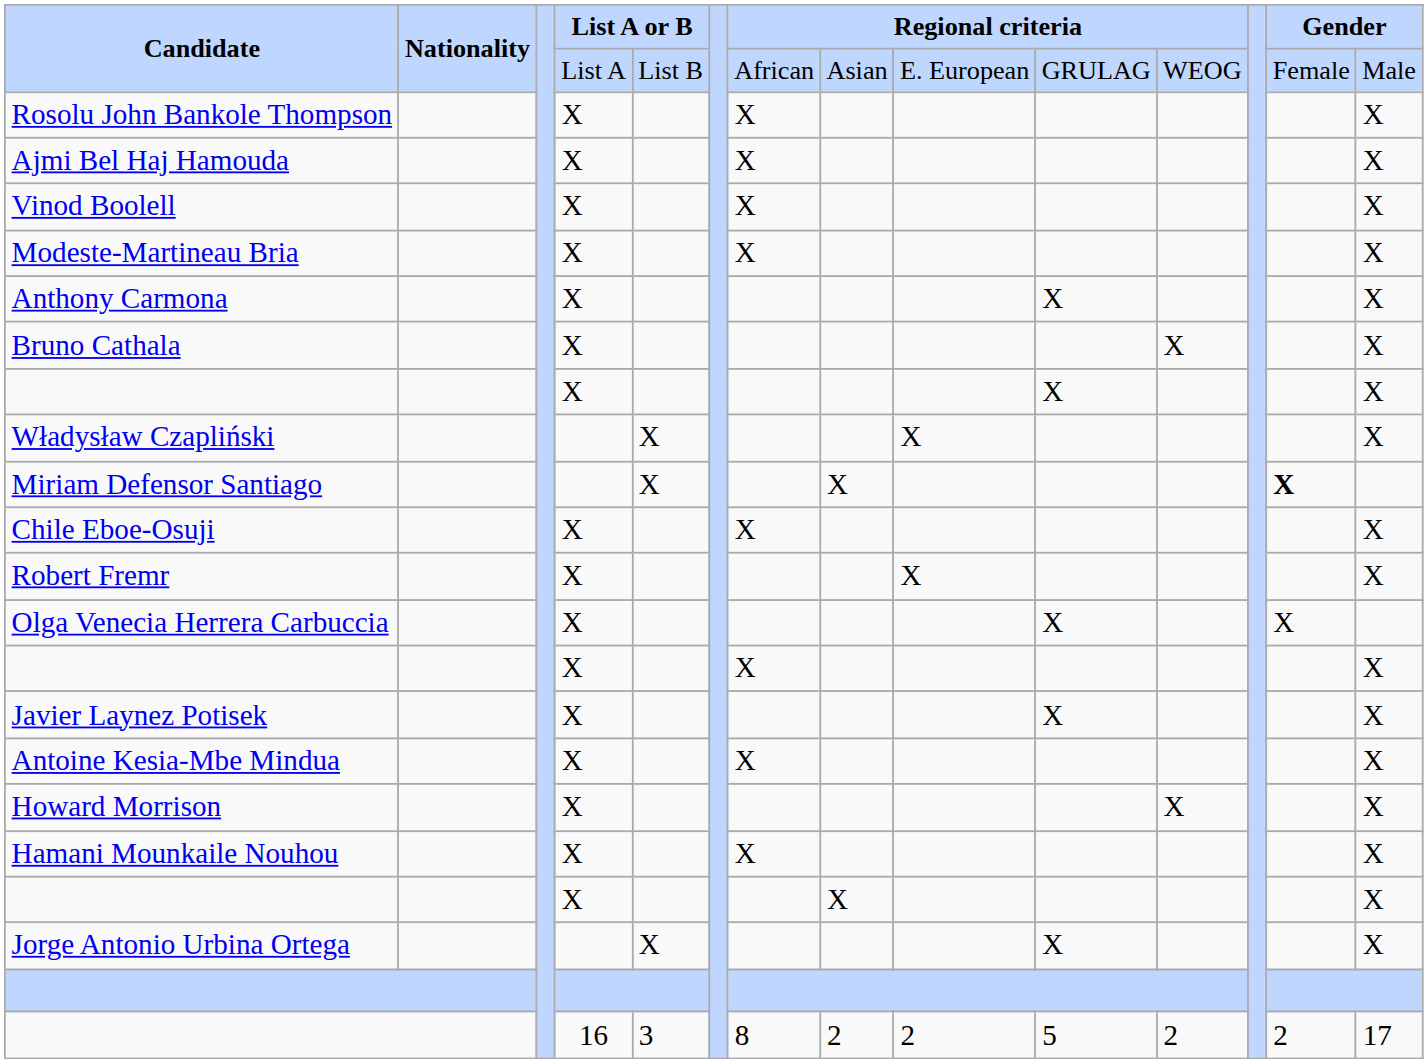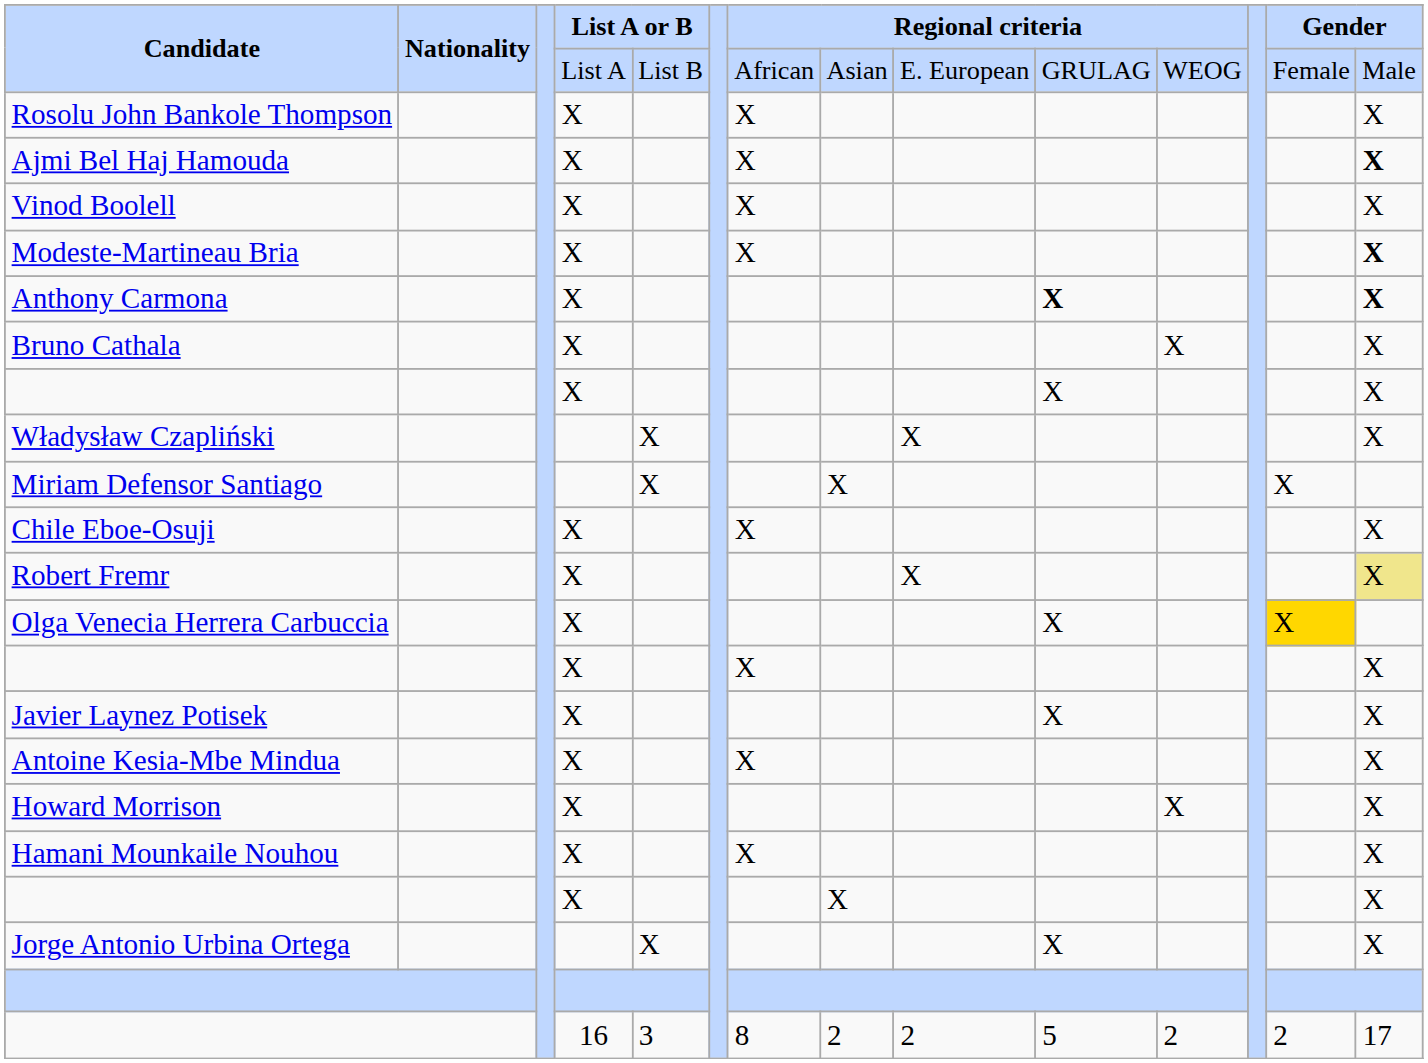 <table class="wikitable col3center col4center col5center col6center col7center col8center col9center col10center col11center">
 <tr bgcolor=#BFD7FF align="center" style="font-size:90%;">
 <td rowspan=2><strong>Candidate</strong></td>
 <td rowspan=2><strong>Nationality</strong></td>
 <td rowspan=23> </td>
 <td colspan=2><strong>List A or B</strong></td>
 <td rowspan=23> </td>
 <td colspan=5><strong>Regional criteria</strong></td>
 <td rowspan=23> </td>
 <td colspan=2><strong>Gender</strong></td>
 </tr>
 <tr bgcolor=#BFD7FF align="center" style="font-size:90%;">
 <td>List A</td>
 <td>List B</td>
 <td>African</td>
 <td>Asian</td>
 <td>E. European</td>
 <td>GRULAG</td>
 <td>WEOG</td>
 <td>Female</td>
 <td>Male</td>
 </tr>
 <tr>
 <td><a href='#'>Rosolu John Bankole Thompson</a></td>
 <td></td>
 <td>X</td>
 <td></td>
 <td>X</td>
 <td></td>
 <td></td>
 <td></td>
 <td></td>
 <td></td>
 <td>X</td>
 </tr>
 <tr>
 <td><a href='#'>Ajmi Bel Haj Hamouda</a></td>
 <td></td>
 <td>X</td>
 <td></td>
 <td>X</td>
 <td></td>
 <td></td>
 <td></td>
 <td></td>
 <td></td>
-<td>X</td>
+<td><strong>X</strong></td>
 </tr>
 <tr>
 <td><a href='#'>Vinod Boolell</a></td>
 <td></td>
 <td>X</td>
 <td></td>
 <td>X</td>
 <td></td>
 <td></td>
 <td></td>
 <td></td>
 <td></td>
 <td>X</td>
 </tr>
 <tr>
 <td><a href='#'>Modeste-Martineau Bria</a></td>
 <td></td>
 <td>X</td>
 <td></td>
 <td>X</td>
 <td></td>
 <td></td>
 <td></td>
 <td></td>
 <td></td>
-<td>X</td>
+<td><strong>X</strong></td>
 </tr>
 <tr>
 <td><a href='#'>Anthony Carmona</a></td>
 <td></td>
 <td>X</td>
 <td></td>
 <td></td>
 <td></td>
 <td></td>
-<td>X</td>
+<td><strong>X</strong></td>
 <td></td>
 <td></td>
-<td>X</td>
+<td><strong>X</strong></td>
 </tr>
 <tr>
 <td><a href='#'>Bruno Cathala</a></td>
 <td></td>
 <td>X</td>
 <td></td>
 <td></td>
 <td></td>
 <td></td>
 <td></td>
 <td>X</td>
 <td></td>
 <td>X</td>
 </tr>
 <tr>
 <td></td>
 <td></td>
 <td>X</td>
 <td></td>
 <td></td>
 <td></td>
 <td></td>
 <td>X</td>
 <td></td>
 <td></td>
 <td>X</td>
 </tr>
 <tr>
 <td><a href='#'>Władysław Czapliński</a></td>
 <td></td>
 <td></td>
 <td>X</td>
 <td></td>
 <td></td>
 <td>X</td>
 <td></td>
 <td></td>
 <td></td>
 <td>X</td>
 </tr>
 <tr>
 <td><a href='#'>Miriam Defensor Santiago</a></td>
 <td></td>
 <td></td>
 <td>X</td>
 <td></td>
 <td>X</td>
 <td></td>
 <td></td>
 <td></td>
-<td><strong>X</strong></td>
+<td>X</td>
 <td></td>
 </tr>
 <tr>
 <td><a href='#'>Chile Eboe-Osuji</a></td>
 <td></td>
 <td>X</td>
 <td></td>
 <td>X</td>
 <td></td>
 <td></td>
 <td></td>
 <td></td>
 <td></td>
 <td>X</td>
 </tr>
 <tr>
 <td><a href='#'>Robert Fremr</a></td>
 <td></td>
 <td>X</td>
 <td></td>
 <td></td>
 <td></td>
 <td>X</td>
 <td></td>
 <td></td>
 <td></td>
-<td>X</td>
+<td style="background: khaki;">X</td>
 </tr>
 <tr>
 <td><a href='#'>Olga Venecia Herrera Carbuccia</a></td>
 <td></td>
 <td>X</td>
 <td></td>
 <td></td>
 <td></td>
 <td></td>
 <td>X</td>
 <td></td>
-<td>X</td>
+<td style="background: gold;">X</td>
 <td></td>
 </tr>
 <tr>
 <td></td>
 <td></td>
 <td>X</td>
 <td></td>
 <td>X</td>
 <td></td>
 <td></td>
 <td></td>
 <td></td>
 <td></td>
 <td>X</td>
 </tr>
 <tr>
 <td><a href='#'>Javier Laynez Potisek</a></td>
 <td></td>
 <td>X</td>
 <td></td>
 <td></td>
 <td></td>
 <td></td>
 <td>X</td>
 <td></td>
 <td></td>
 <td>X</td>
 </tr>
 <tr>
 <td><a href='#'>Antoine Kesia-Mbe Mindua</a></td>
 <td></td>
 <td>X</td>
 <td></td>
 <td>X</td>
 <td></td>
 <td></td>
 <td></td>
 <td></td>
 <td></td>
 <td>X</td>
 </tr>
 <tr>
 <td><a href='#'>Howard Morrison</a></td>
 <td></td>
 <td>X</td>
 <td></td>
 <td></td>
 <td></td>
 <td></td>
 <td></td>
 <td>X</td>
 <td></td>
 <td>X</td>
 </tr>
 <tr>
 <td><a href='#'>Hamani Mounkaile Nouhou</a></td>
 <td></td>
 <td>X</td>
 <td></td>
 <td>X</td>
 <td></td>
 <td></td>
 <td></td>
 <td></td>
 <td></td>
 <td>X</td>
 </tr>
 <tr>
 <td></td>
 <td></td>
 <td>X</td>
 <td></td>
 <td></td>
 <td>X</td>
 <td></td>
 <td></td>
 <td></td>
 <td></td>
 <td>X</td>
 </tr>
 <tr>
 <td><a href='#'>Jorge Antonio Urbina Ortega</a></td>
 <td></td>
 <td></td>
 <td>X</td>
 <td></td>
 <td></td>
 <td></td>
 <td>X</td>
 <td></td>
 <td></td>
 <td>X</td>
 </tr>
 <tr bgcolor=#BFD7FF align="center" style="font-size:90%;">
 <td colspan=2> </td>
 <td colspan=2> </td>
 <td colspan=5> </td>
 <td colspan=2> </td>
 </tr>
 <tr>
 <td colspan=2></td>
 <td align="center">16</td>
 <td>3</td>
 <td>8</td>
 <td>2</td>
 <td>2</td>
 <td>5</td>
 <td>2</td>
 <td>2</td>
 <td>17</td>
 </tr>
 <tr>
 </tr>
 </table>
